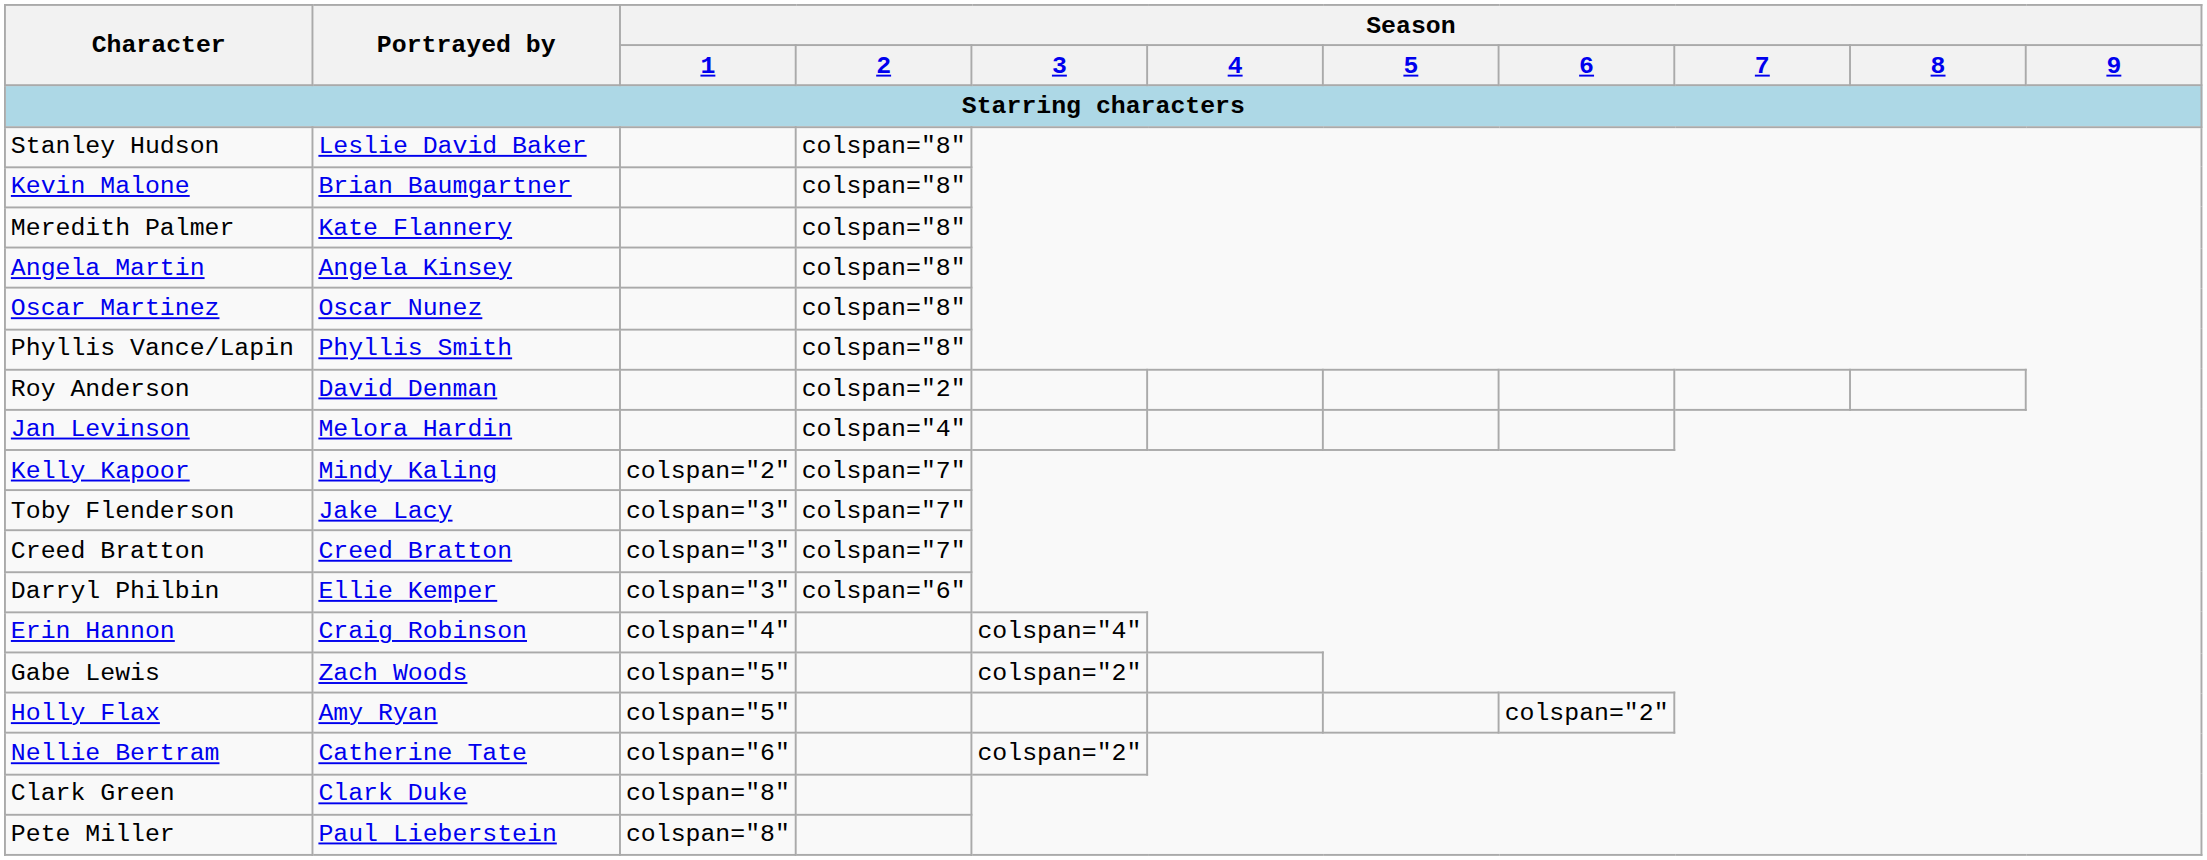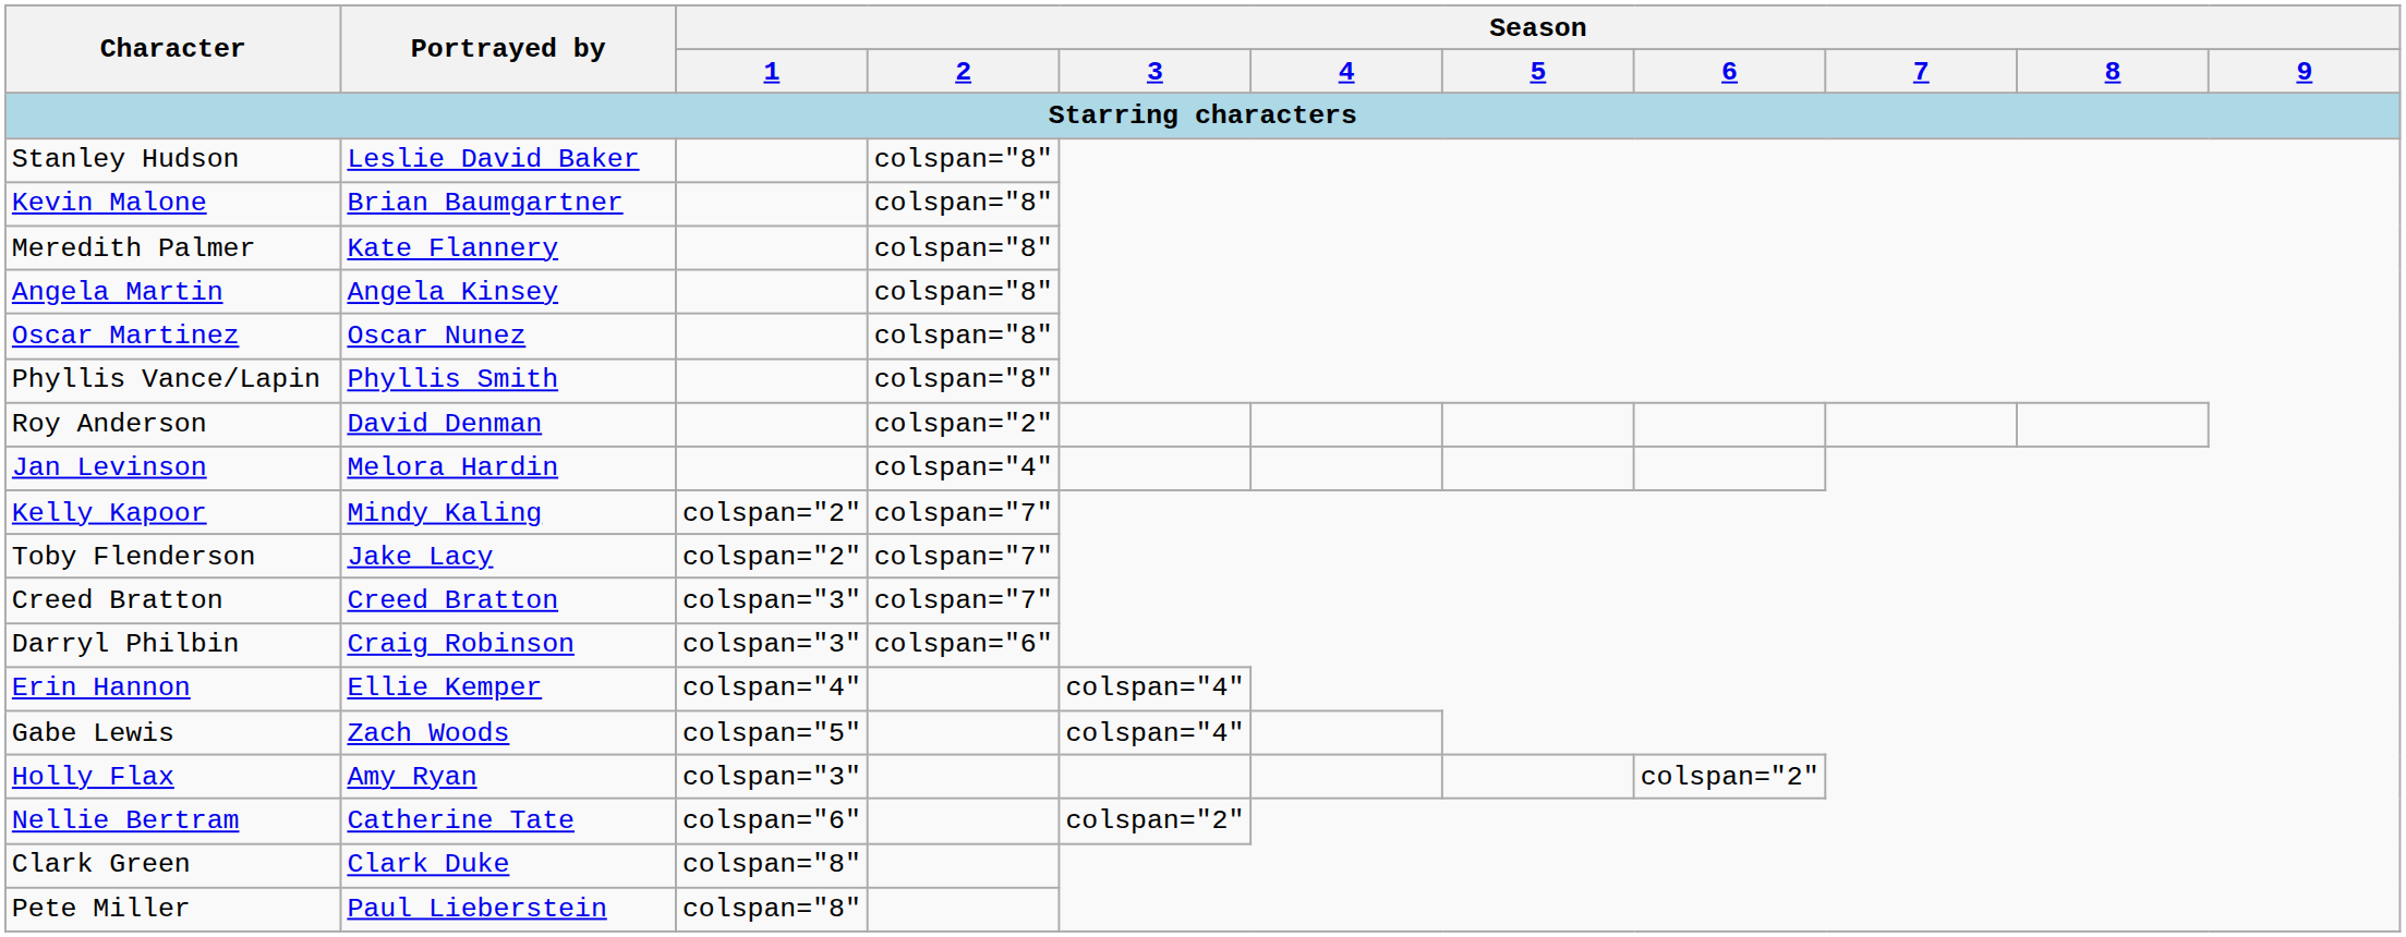 <table class="wikitable">
 <tr>
 <th rowspan="2" style="width:14%;">Character</th>
 <th rowspan="2" style="width:14%;">Portrayed by</th>
 <th colspan="9">Season</th>
 </tr>
 <tr>
 <th style="width:8%;"><a href='#'>1</a></th>
 <th style="width:8%;"><a href='#'>2</a></th>
 <th style="width:8%;"><a href='#'>3</a></th>
 <th style="width:8%;"><a href='#'>4</a></th>
 <th style="width:8%;"><a href='#'>5</a></th>
 <th style="width:8%;"><a href='#'>6</a></th>
 <th style="width:8%;"><a href='#'>7</a></th>
 <th style="width:8%;"><a href='#'>8</a></th>
 <th style="width:8%;"><a href='#'>9</a></th>
 </tr>
 <tr>
 <th colspan="11" style="background:lightblue;">Starring characters</th>
 </tr>
 <tr>
 <td>Stanley Hudson</td>
 <td><a href='#'>Leslie David Baker</a></td>
 <td></td>
 <td>colspan="8" </td>
 </tr>
 <tr>
 <td><a href='#'>Kevin Malone</a></td>
 <td><a href='#'>Brian Baumgartner</a></td>
 <td></td>
 <td>colspan="8" </td>
 </tr>
 <tr>
 <td>Meredith Palmer</td>
 <td><a href='#'>Kate Flannery</a></td>
 <td></td>
 <td>colspan="8" </td>
 </tr>
 <tr>
 <td><a href='#'>Angela Martin</a></td>
 <td><a href='#'>Angela Kinsey</a></td>
 <td></td>
 <td>colspan="8" </td>
 </tr>
 <tr>
 <td><a href='#'>Oscar Martinez</a></td>
 <td><a href='#'>Oscar Nunez</a></td>
 <td></td>
 <td>colspan="8" </td>
 </tr>
 <tr>
 <td>Phyllis Vance/Lapin</td>
 <td><a href='#'>Phyllis Smith</a></td>
 <td></td>
 <td>colspan="8" </td>
 </tr>
 <tr>
 <td>Roy Anderson</td>
 <td><a href='#'>David Denman</a></td>
 <td></td>
 <td>colspan="2" </td>
 <td></td>
 <td></td>
 <td></td>
 <td></td>
 <td></td>
 <td></td>
 </tr>
 <tr>
 <td><a href='#'>Jan Levinson</a></td>
 <td><a href='#'>Melora Hardin</a></td>
 <td></td>
 <td>colspan="4" </td>
 <td></td>
 <td></td>
 <td></td>
 <td></td>
 </tr>
 <tr>
 <td><a href='#'>Kelly Kapoor</a></td>
 <td><a href='#'>Mindy Kaling</a></td>
 <td>colspan="2" </td>
 <td>colspan="7" </td>
 </tr>
 <tr>
 <td>Toby Flenderson</td>
 <td><a href='#'>Jake Lacy</a></td>
-<td>colspan="3" </td>
+<td>colspan="2" </td>
 <td>colspan="7" </td>
 </tr>
 <tr>
 <td>Creed Bratton</td>
 <td><a href='#'>Creed Bratton</a></td>
 <td>colspan="3" </td>
 <td>colspan="7" </td>
 </tr>
 <tr>
 <td>Darryl Philbin</td>
-<td><a href='#'>Ellie Kemper</a></td>
+<td><a href='#'>Craig Robinson</a></td>
 <td>colspan="3" </td>
 <td>colspan="6" </td>
 </tr>
 <tr>
 <td><a href='#'>Erin Hannon</a></td>
-<td><a href='#'>Craig Robinson</a></td>
+<td><a href='#'>Ellie Kemper</a></td>
 <td>colspan="4" </td>
 <td></td>
 <td>colspan="4" </td>
 </tr>
 <tr>
 <td>Gabe Lewis</td>
 <td><a href='#'>Zach Woods</a></td>
 <td>colspan="5" </td>
 <td></td>
-<td>colspan="2" </td>
+<td>colspan="4" </td>
 <td></td>
 </tr>
 <tr>
 <td><a href='#'>Holly Flax</a></td>
 <td><a href='#'>Amy Ryan</a></td>
-<td>colspan="5" </td>
+<td>colspan="3" </td>
 <td></td>
 <td></td>
 <td></td>
 <td></td>
 <td>colspan="2" </td>
 </tr>
 <tr>
 <td><a href='#'>Nellie Bertram</a></td>
 <td><a href='#'>Catherine Tate</a></td>
 <td>colspan="6" </td>
 <td></td>
 <td>colspan="2" </td>
 </tr>
 <tr>
 <td>Clark Green</td>
 <td><a href='#'>Clark Duke</a></td>
 <td>colspan="8" </td>
 <td></td>
 </tr>
 <tr>
 <td>Pete Miller</td>
 <td><a href='#'>Paul Lieberstein</a></td>
 <td>colspan="8" </td>
 <td></td>
 </tr>
 </table>
